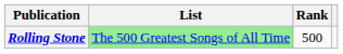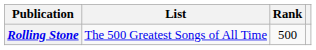 <table class="sortable wikitable plainrowheaders">
 <tr>
 <th>Publication</th>
 <th>List</th>
 <th>Rank</th>
 <th class="unsortable"></th>
 </tr>
 <tr>
 <th scope="row"><em><a href='#'>Rolling Stone</a></em></th>
-<td style="background: lightgreen;"><a href='#'>The 500 Greatest Songs of All Time</a></td>
+<td><a href='#'>The 500 Greatest Songs of All Time</a></td>
 <td style="text-align: center;">500</td>
 <td></td>
 </tr>
 </table>
